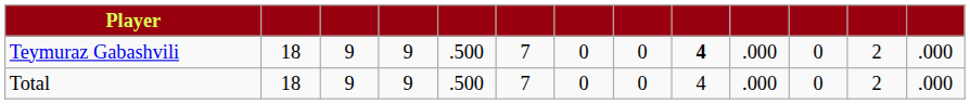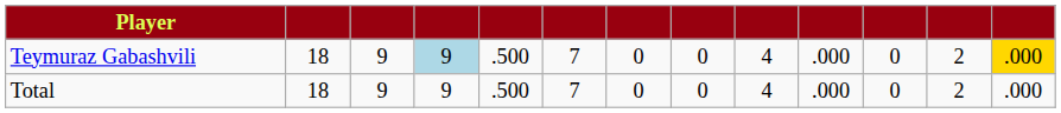 <table class="wikitable" style="text-align:center">
 <tr>
 <th style="background:#98000F; color:#DDFF55" width="200px">Player</th>
 <th style="background:#98000F; color:#DDFF55" width="40px"></th>
 <th style="background:#98000F; color:#DDFF55" width="40px"></th>
 <th style="background:#98000F; color:#DDFF55" width="40px"></th>
 <th style="background:#98000F; color:#DDFF55" width="40px"></th>
 <th style="background:#98000F; color:#DDFF55" width="40px"></th>
 <th style="background:#98000F; color:#DDFF55" width="40px"></th>
 <th style="background:#98000F; color:#DDFF55" width="40px"></th>
 <th style="background:#98000F; color:#DDFF55" width="40px"></th>
 <th style="background:#98000F; color:#DDFF55" width="40px"></th>
 <th style="background:#98000F; color:#DDFF55" width="40px"></th>
 <th style="background:#98000F; color:#DDFF55" width="40px"></th>
 <th style="background:#98000F; color:#DDFF55" width="40px"></th>
 </tr>
 <tr>
 <td style="text-align:left"><a href='#'>Teymuraz Gabashvili</a></td>
 <td>18</td>
 <td>9</td>
-<td>9</td>
+<td style="background: lightblue;">9</td>
 <td>.500</td>
 <td>7</td>
 <td>0</td>
 <td>0</td>
-<td><strong>4</strong></td>
+<td>4</td>
 <td>.000</td>
 <td>0</td>
 <td>2</td>
-<td>.000</td>
+<td style="background: gold;">.000</td>
 </tr>
 <tr>
 <td style="text-align:left">Total</td>
 <td>18</td>
 <td>9</td>
 <td>9</td>
 <td>.500</td>
 <td>7</td>
 <td>0</td>
 <td>0</td>
 <td>4</td>
 <td>.000</td>
 <td>0</td>
 <td>2</td>
 <td>.000</td>
 </tr>
 </table>
